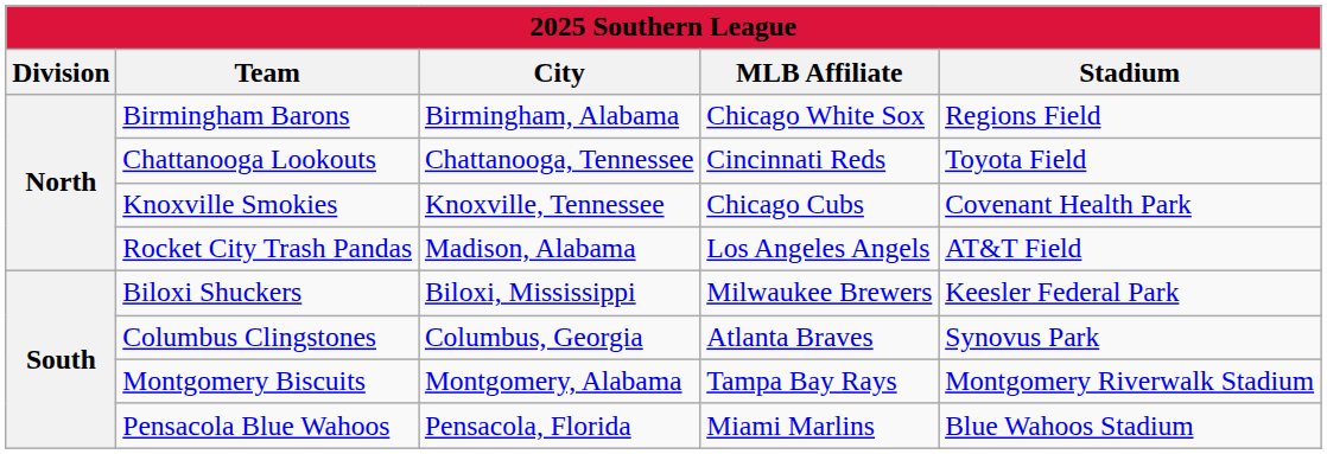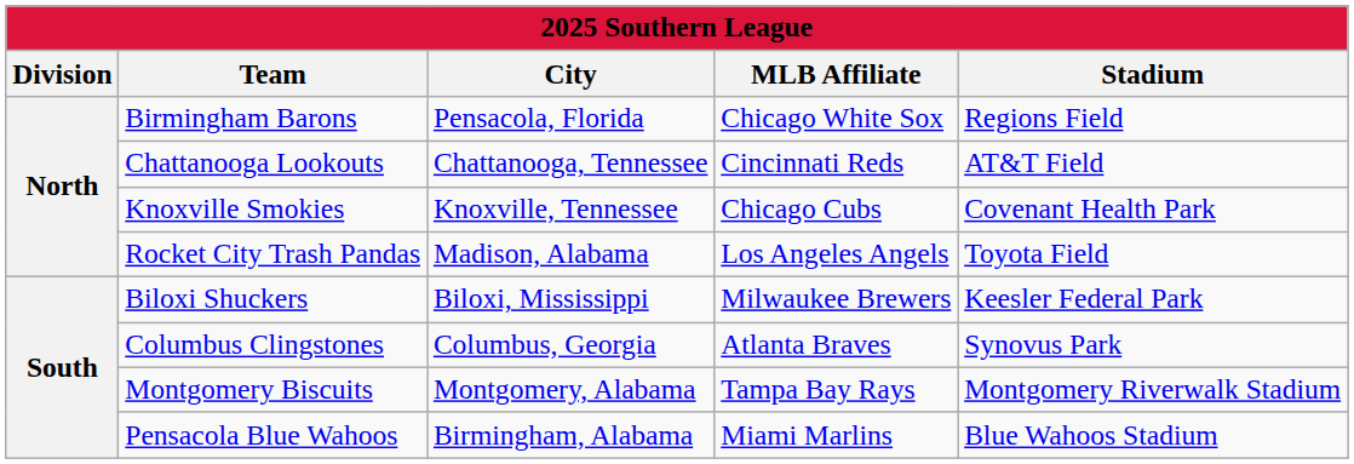 <table class="wikitable" style="width:auto">
 <tr>
 <td bgcolor="#DC143C" align="center" colspan="7"><strong><span>2025 Southern League</span></strong></td>
 </tr>
 <tr>
 <th>Division</th>
 <th>Team</th>
 <th>City</th>
 <th>MLB Affiliate</th>
 <th>Stadium</th>
 </tr>
 <tr>
 <th rowspan="4">North</th>
 <td><a href='#'>Birmingham Barons</a></td>
-<td><a href='#'>Birmingham, Alabama</a></td>
+<td><a href='#'>Pensacola, Florida</a></td>
 <td><a href='#'>Chicago White Sox</a></td>
 <td><a href='#'>Regions Field</a></td>
 </tr>
 <tr>
 <td><a href='#'>Chattanooga Lookouts</a></td>
 <td><a href='#'>Chattanooga, Tennessee</a></td>
 <td><a href='#'>Cincinnati Reds</a></td>
-<td><a href='#'>Toyota Field</a></td>
+<td><a href='#'>AT&T Field</a></td>
 </tr>
 <tr>
 <td><a href='#'>Knoxville Smokies</a></td>
 <td><a href='#'>Knoxville, Tennessee</a></td>
 <td><a href='#'>Chicago Cubs</a></td>
 <td><a href='#'>Covenant Health Park</a></td>
 </tr>
 <tr>
 <td><a href='#'>Rocket City Trash Pandas</a></td>
 <td><a href='#'>Madison, Alabama</a></td>
 <td><a href='#'>Los Angeles Angels</a></td>
-<td><a href='#'>AT&T Field</a></td>
+<td><a href='#'>Toyota Field</a></td>
 </tr>
 <tr>
 <th rowspan="5">South</th>
 <td><a href='#'>Biloxi Shuckers</a></td>
 <td><a href='#'>Biloxi, Mississippi</a></td>
 <td><a href='#'>Milwaukee Brewers</a></td>
 <td><a href='#'>Keesler Federal Park</a></td>
 </tr>
 <tr>
 <td><a href='#'>Columbus Clingstones</a></td>
 <td><a href='#'>Columbus, Georgia</a></td>
 <td><a href='#'>Atlanta Braves</a></td>
 <td><a href='#'>Synovus Park</a></td>
 </tr>
 <tr>
 <td><a href='#'>Montgomery Biscuits</a></td>
 <td><a href='#'>Montgomery, Alabama</a></td>
 <td><a href='#'>Tampa Bay Rays</a></td>
 <td><a href='#'>Montgomery Riverwalk Stadium</a></td>
 </tr>
 <tr>
 <td><a href='#'>Pensacola Blue Wahoos</a></td>
-<td><a href='#'>Pensacola, Florida</a></td>
+<td><a href='#'>Birmingham, Alabama</a></td>
 <td><a href='#'>Miami Marlins</a></td>
 <td><a href='#'>Blue Wahoos Stadium</a></td>
 </tr>
 </table>
